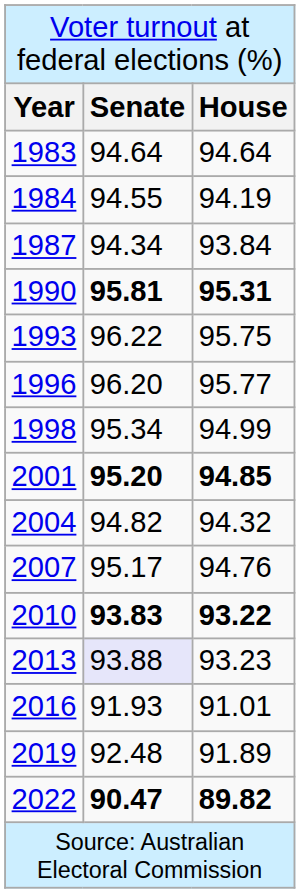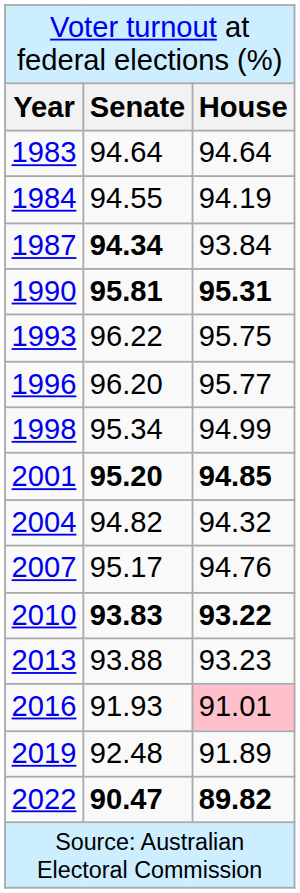 <table class="wikitable" style="float: right;" border="1">
 <tr>
 <td colspan="3" style="font-size:100%; background:#cef; text-align:center;"><a href='#'>Voter turnout</a> at<br>federal elections (%)</td>
 </tr>
 <tr>
 <th>Year</th>
 <th>Senate</th>
 <th>House</th>
 </tr>
 <tr>
 <td><a href='#'>1983</a></td>
 <td>94.64</td>
 <td>94.64</td>
 </tr>
 <tr>
 <td><a href='#'>1984</a></td>
 <td>94.55</td>
 <td>94.19</td>
 </tr>
 <tr>
 <td><a href='#'>1987</a></td>
-<td>94.34</td>
+<td><strong>94.34</strong></td>
 <td>93.84</td>
 </tr>
 <tr>
 <td><a href='#'>1990</a></td>
 <td><strong>95.81</strong></td>
 <td><strong>95.31</strong></td>
 </tr>
 <tr>
 <td><a href='#'>1993</a></td>
 <td>96.22</td>
 <td>95.75</td>
 </tr>
 <tr>
 <td><a href='#'>1996</a></td>
 <td>96.20</td>
 <td>95.77</td>
 </tr>
 <tr>
 <td><a href='#'>1998</a></td>
 <td>95.34</td>
 <td>94.99</td>
 </tr>
 <tr>
 <td><a href='#'>2001</a></td>
 <td><strong>95.20</strong></td>
 <td><strong>94.85</strong></td>
 </tr>
 <tr>
 <td><a href='#'>2004</a></td>
 <td>94.82</td>
 <td>94.32</td>
 </tr>
 <tr>
 <td><a href='#'>2007</a></td>
 <td>95.17</td>
 <td>94.76</td>
 </tr>
 <tr>
 <td><a href='#'>2010</a></td>
 <td><strong>93.83</strong></td>
 <td><strong>93.22</strong></td>
 </tr>
 <tr>
 <td><a href='#'>2013</a></td>
-<td style="background: lavender;">93.88</td>
+<td>93.88</td>
 <td>93.23</td>
 </tr>
 <tr>
 <td><a href='#'>2016</a></td>
 <td>91.93</td>
-<td>91.01</td>
+<td style="background: pink;">91.01</td>
 </tr>
 <tr>
 <td><a href='#'>2019</a></td>
 <td>92.48</td>
 <td>91.89</td>
 </tr>
 <tr>
 <td><a href='#'>2022</a></td>
 <td><strong>90.47</strong></td>
 <td><strong>89.82</strong></td>
 </tr>
 <tr>
 <td colspan="3" style="font-size:80%; background:#cef; text-align:center;">Source: Australian<br>Electoral Commission</td>
 </tr>
 </table>
